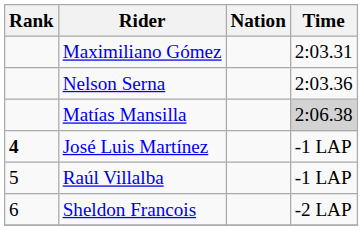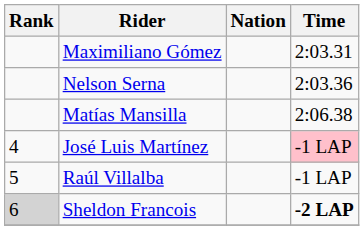 <table class="wikitable sortable" style="font-size:95%" style="width:35em;" style="text-align:center">
 <tr>
 <th>Rank</th>
 <th>Rider</th>
 <th>Nation</th>
 <th>Time</th>
 </tr>
 <tr>
 <td></td>
 <td align=left><a href='#'>Maximiliano Gómez</a><br></td>
 <td align=left></td>
 <td>2:03.31</td>
 </tr>
 <tr>
 <td></td>
 <td align=left><a href='#'>Nelson Serna</a><br></td>
 <td align=left></td>
 <td>2:03.36</td>
 </tr>
 <tr>
 <td></td>
 <td align=left><a href='#'>Matías Mansilla</a><br></td>
 <td align=left></td>
-<td style="background: lightgrey;">2:06.38</td>
+<td>2:06.38</td>
 </tr>
 <tr>
-<td><strong>4</strong></td>
+<td>4</td>
 <td align=left><a href='#'>José Luis Martínez</a><br></td>
 <td align=left></td>
-<td>-1 LAP</td>
+<td style="background: pink;">-1 LAP</td>
 </tr>
 <tr>
 <td>5</td>
 <td align=left><a href='#'>Raúl Villalba</a><br></td>
 <td align=left></td>
 <td>-1 LAP</td>
 </tr>
 <tr>
-<td>6</td>
+<td style="background: lightgrey;">6</td>
 <td align=left><a href='#'>Sheldon Francois</a><br></td>
 <td align=left></td>
-<td>-2 LAP</td>
+<td><strong>-2 LAP</strong></td>
 </tr>
 <tr>
 </tr>
 </table>
